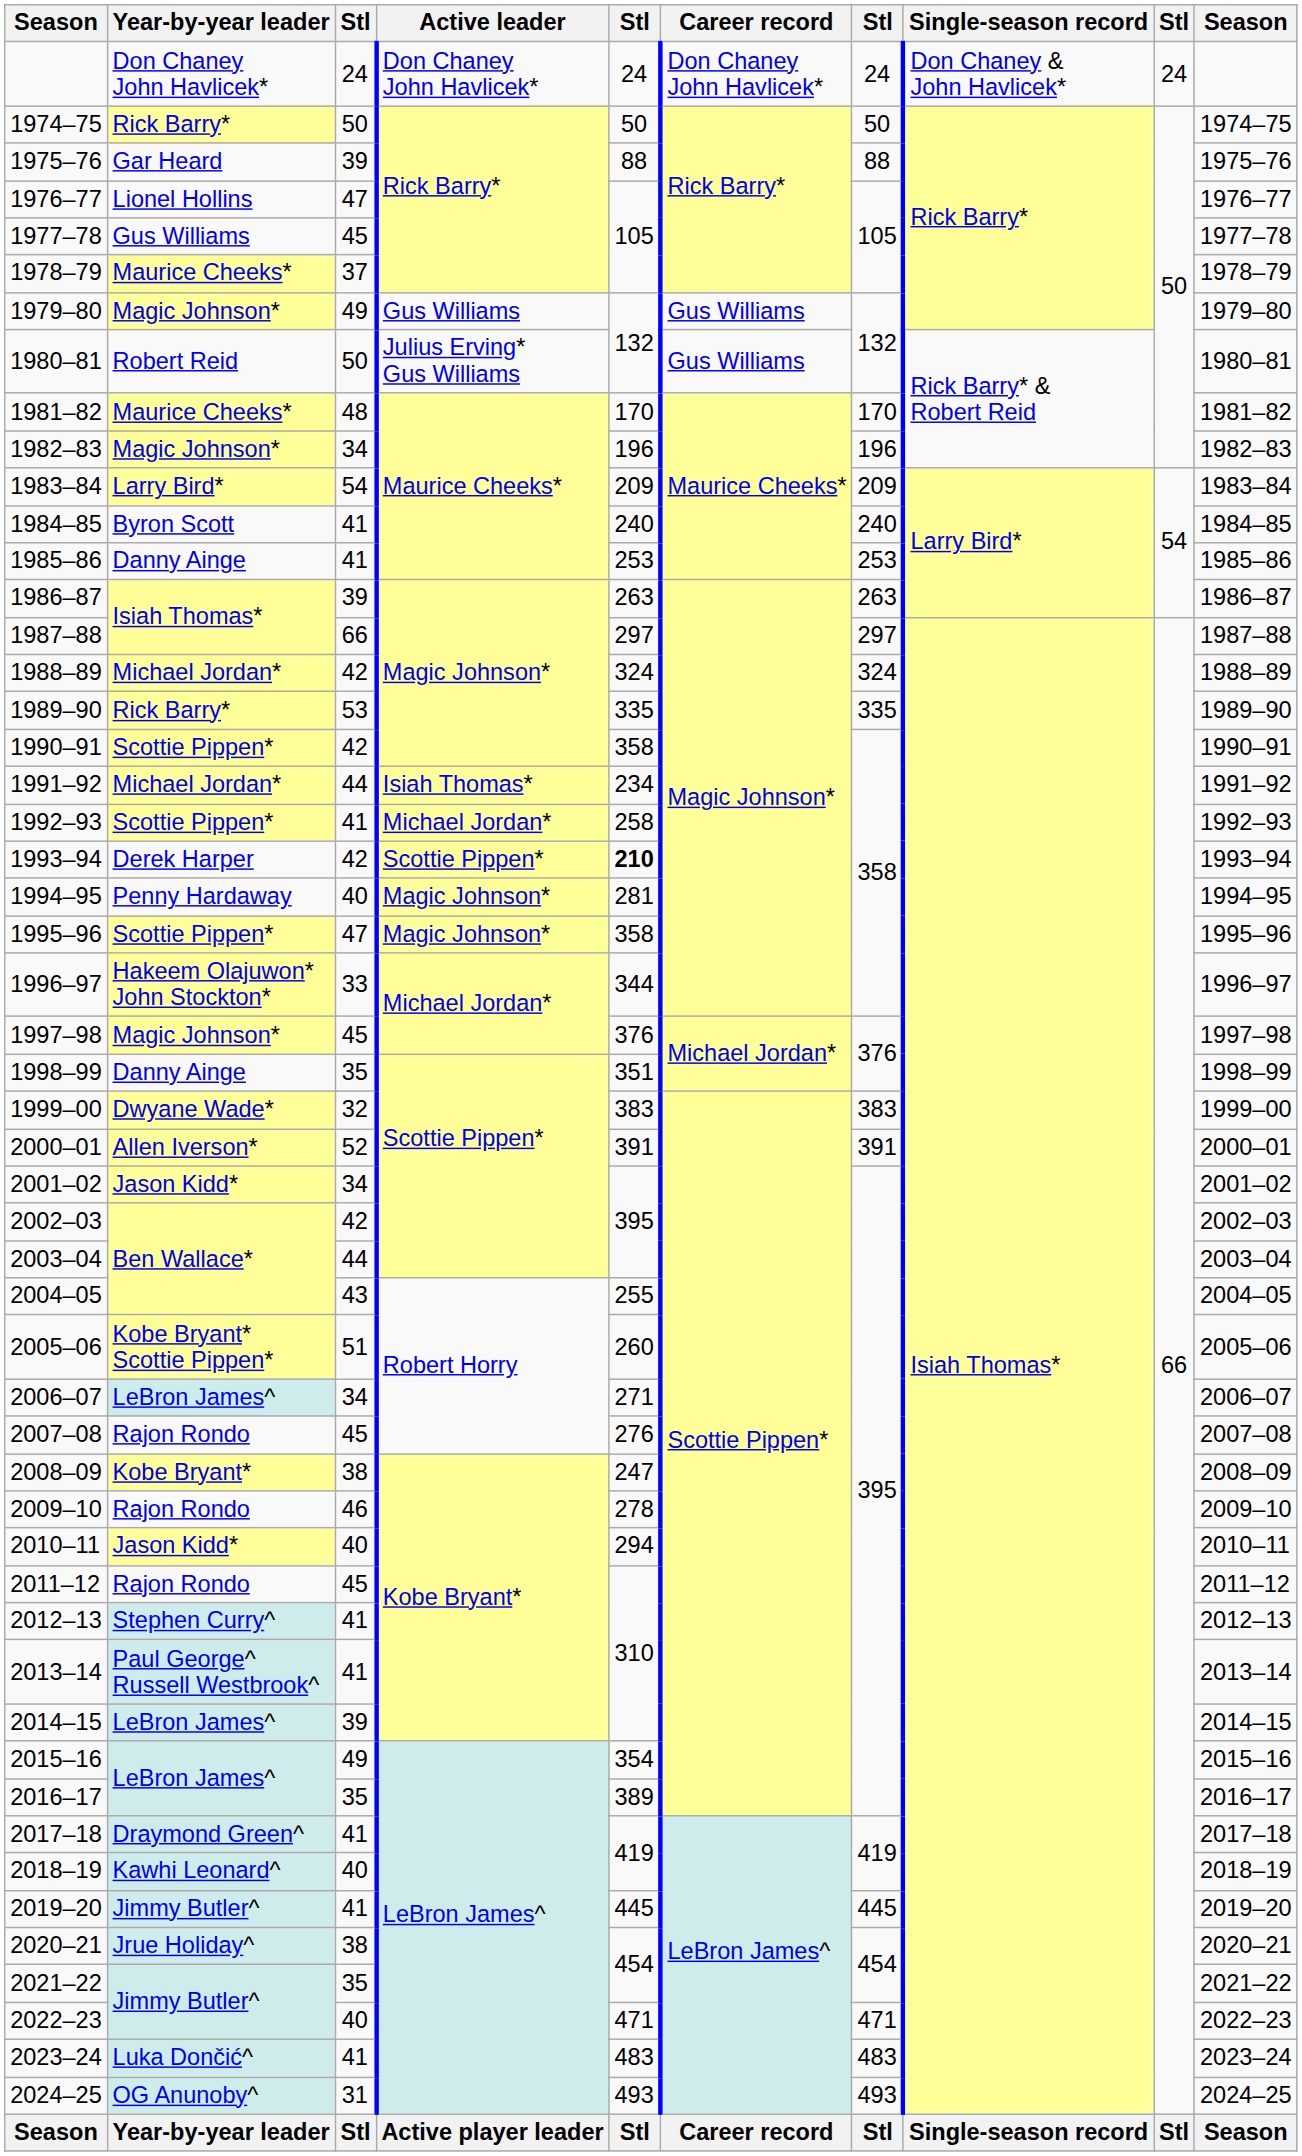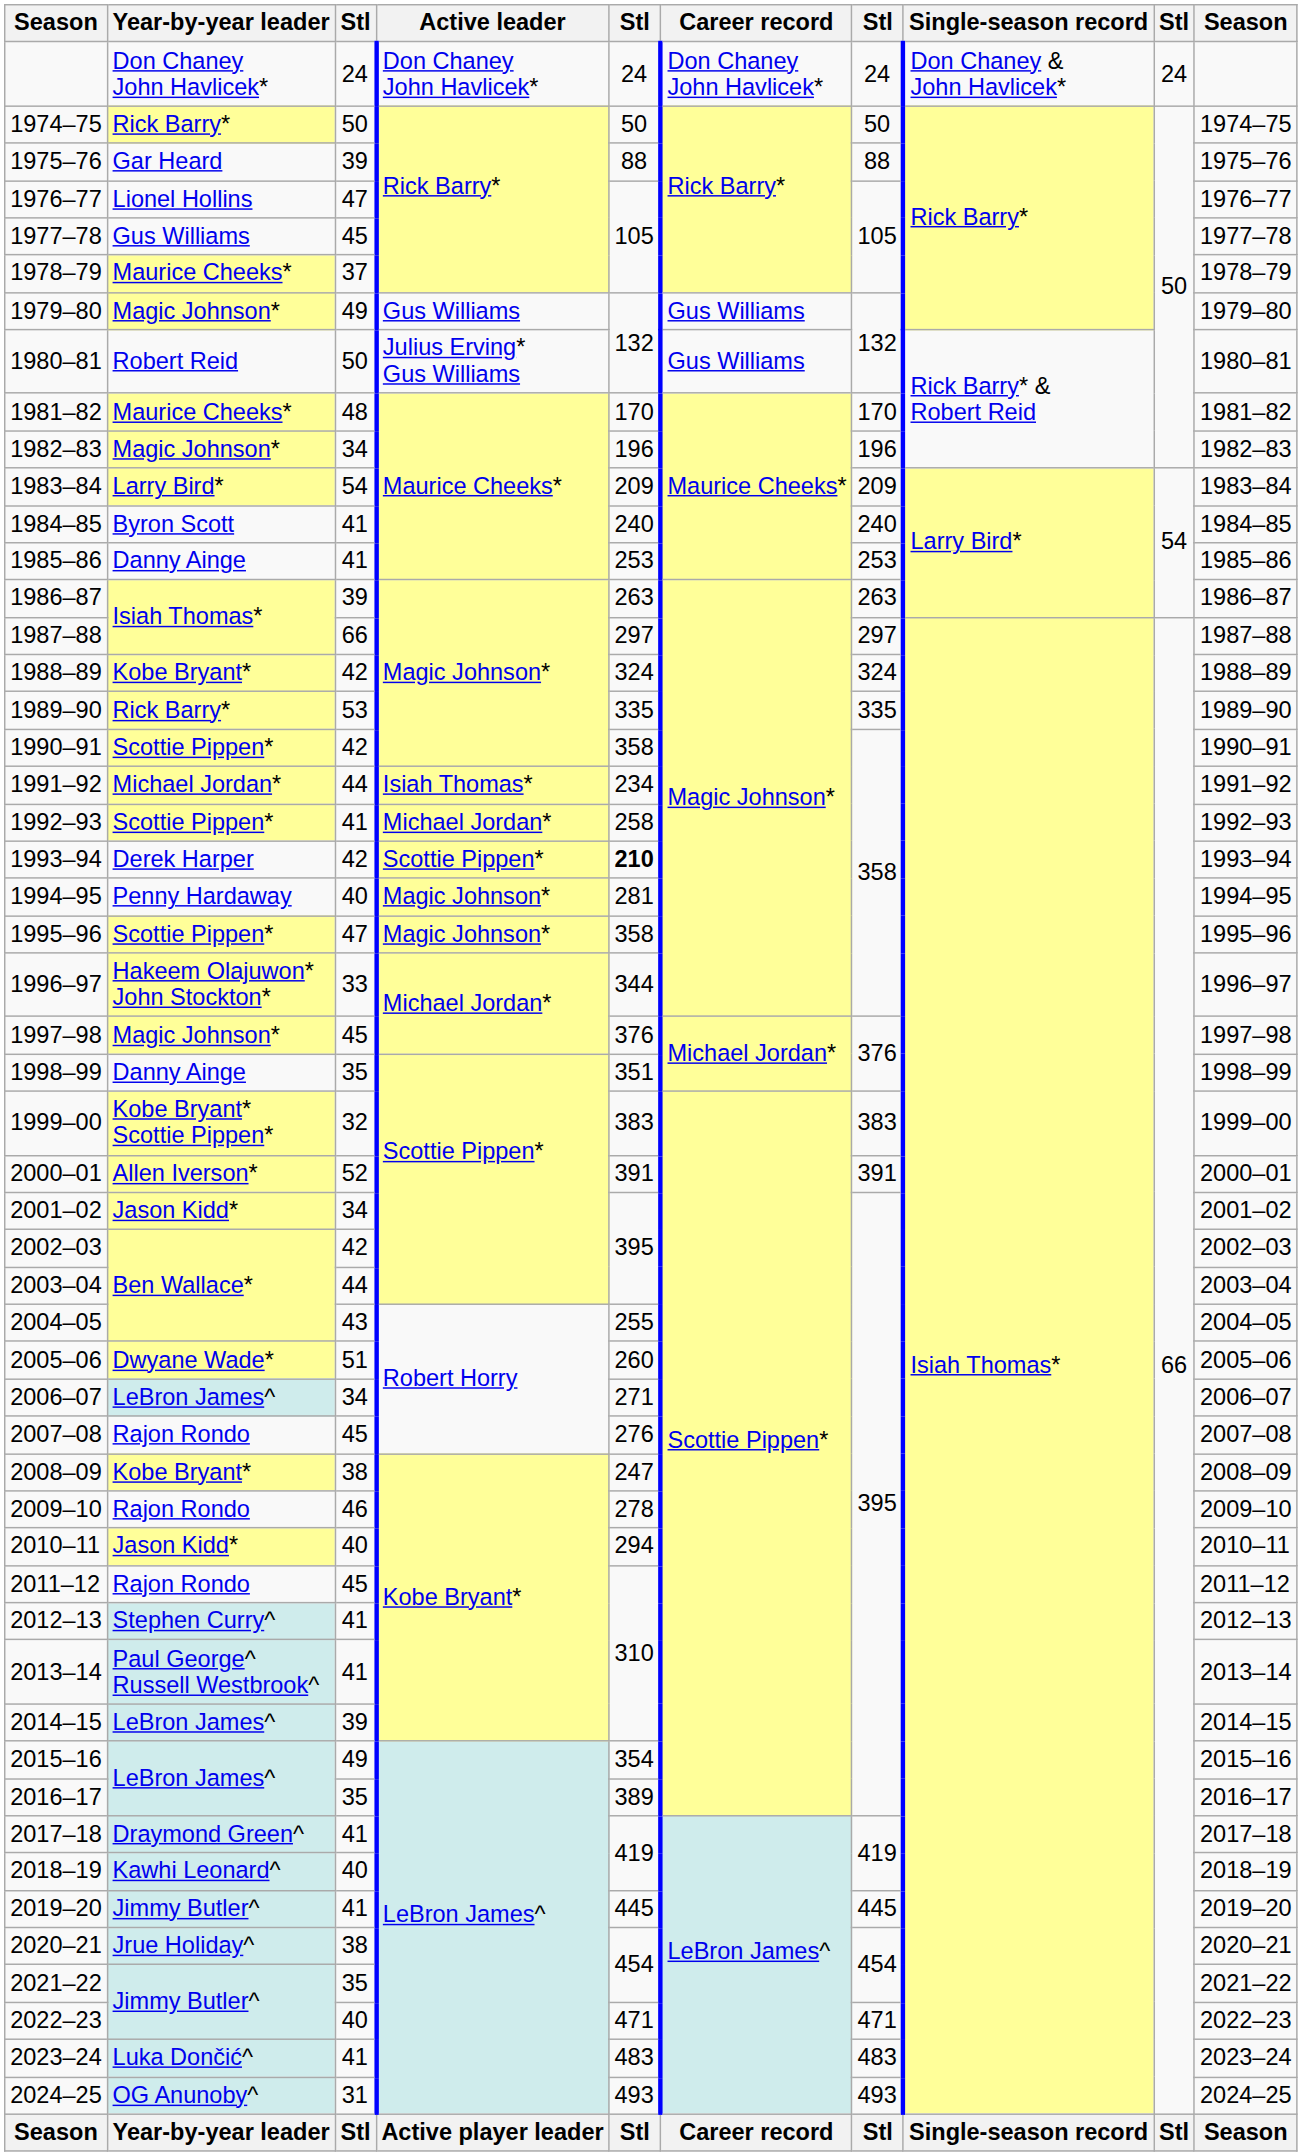 <table class="wikitable">
 <tr style="font-size:100%;">
 <th>Season</th>
 <th>Year-by-year leader</th>
 <th>Stl</th>
 <th>Active leader</th>
 <th>Stl</th>
 <th>Career record</th>
 <th>Stl</th>
 <th>Single-season record</th>
 <th>Stl</th>
 <th>Season</th>
 </tr>
 <tr>
 <td></td>
 <td><a href='#'>Don Chaney</a><div><a href='#'>John Havlicek</a>*</div></td>
 <td align=center style="border-right: solid blue">24</td>
 <td><a href='#'>Don Chaney</a><div><a href='#'>John Havlicek</a>*</div></td>
 <td align=center style="border-right: solid blue">24</td>
 <td><a href='#'>Don Chaney</a><div><a href='#'>John Havlicek</a>*</div></td>
 <td align=center style="border-right: solid blue">24</td>
 <td><a href='#'>Don Chaney</a> &<div><a href='#'>John Havlicek</a>*</div></td>
 <td align=center>24</td>
 <td></td>
 </tr>
 <tr>
 <td>1974–75</td>
 <td bgcolor="#FFFF99"><a href='#'>Rick Barry</a>*</td>
 <td align=center style="border-right: solid blue">50</td>
 <td bgcolor="#FFFF99" rowspan=5><a href='#'>Rick Barry</a>*<br><br></td>
 <td align=center style="border-right: solid blue">50</td>
 <td bgcolor="#FFFF99" rowspan=5><a href='#'>Rick Barry</a>*<br><br></td>
 <td align=center style="border-right: solid blue">50</td>
 <td bgcolor="#FFFF99" rowspan=6><a href='#'>Rick Barry</a>*</td>
 <td align=center rowspan=9>50</td>
 <td>1974–75</td>
 </tr>
 <tr>
 <td>1975–76</td>
 <td><a href='#'>Gar Heard</a></td>
 <td align=center style="border-right: solid blue">39</td>
 <td align=center style="border-right: solid blue">88</td>
 <td align=center style="border-right: solid blue">88</td>
 <td>1975–76</td>
 </tr>
 <tr>
 <td>1976–77</td>
 <td><a href='#'>Lionel Hollins</a></td>
 <td align=center style="border-right: solid blue">47</td>
 <td align=center style="border-right: solid blue" rowspan=3>105</td>
 <td align=center style="border-right: solid blue" rowspan=3>105</td>
 <td>1976–77</td>
 </tr>
 <tr>
 <td>1977–78</td>
 <td><a href='#'>Gus Williams</a></td>
 <td align=center style="border-right: solid blue">45</td>
 <td>1977–78</td>
 </tr>
 <tr>
 <td>1978–79</td>
 <td bgcolor="#FFFF99"><a href='#'>Maurice Cheeks</a>*</td>
 <td align=center style="border-right: solid blue">37</td>
 <td>1978–79</td>
 </tr>
 <tr>
 <td>1979–80</td>
 <td bgcolor="#FFFF99"><a href='#'>Magic Johnson</a>*</td>
 <td align=center style="border-right: solid blue">49</td>
 <td><a href='#'>Gus Williams</a></td>
 <td align=center style="border-right: solid blue" rowspan=2>132</td>
 <td><a href='#'>Gus Williams</a></td>
 <td align=center style="border-right: solid blue" rowspan=2>132</td>
 <td>1979–80</td>
 </tr>
 <tr>
 <td>1980–81</td>
 <td><a href='#'>Robert Reid</a></td>
 <td align=center style="border-right: solid blue">50</td>
 <td><div><a href='#'>Julius Erving</a>*</div><a href='#'>Gus Williams</a></td>
 <td><a href='#'>Gus Williams</a></td>
 <td rowspan=3><div><a href='#'>Rick Barry</a>* &</div><a href='#'>Robert Reid</a></td>
 <td>1980–81</td>
 </tr>
 <tr>
 <td>1981–82</td>
 <td bgcolor="#FFFF99"><a href='#'>Maurice Cheeks</a>*</td>
 <td align=center style="border-right: solid blue">48</td>
 <td bgcolor="#FFFF99" rowspan=5><a href='#'>Maurice Cheeks</a>*</td>
 <td align=center style="border-right: solid blue">170</td>
 <td bgcolor="#FFFF99" rowspan=5><a href='#'>Maurice Cheeks</a>*</td>
 <td align=center style="border-right: solid blue">170</td>
 <td>1981–82</td>
 </tr>
 <tr>
 <td>1982–83</td>
 <td bgcolor="#FFFF99"><a href='#'>Magic Johnson</a>*</td>
 <td align=center style="border-right: solid blue">34</td>
 <td align=center style="border-right: solid blue">196</td>
 <td align=center style="border-right: solid blue">196</td>
 <td>1982–83</td>
 </tr>
 <tr>
 <td>1983–84</td>
 <td bgcolor="#FFFF99"><a href='#'>Larry Bird</a>*</td>
 <td align=center style="border-right: solid blue">54</td>
 <td align=center style="border-right: solid blue">209</td>
 <td align=center style="border-right: solid blue">209</td>
 <td bgcolor="#FFFF99" rowspan=4><a href='#'>Larry Bird</a>*</td>
 <td align=center rowspan=4>54</td>
 <td>1983–84</td>
 </tr>
 <tr>
 <td>1984–85</td>
 <td><a href='#'>Byron Scott</a></td>
 <td align=center style="border-right: solid blue">41</td>
 <td align=center style="border-right: solid blue">240</td>
 <td align=center style="border-right: solid blue">240</td>
 <td>1984–85</td>
 </tr>
 <tr>
 <td>1985–86</td>
 <td><a href='#'>Danny Ainge</a></td>
 <td align=center style="border-right: solid blue">41</td>
 <td align=center style="border-right: solid blue">253</td>
 <td align=center style="border-right: solid blue">253</td>
 <td>1985–86</td>
 </tr>
 <tr>
 <td>1986–87</td>
 <td bgcolor="#FFFF99" rowspan=2><a href='#'>Isiah Thomas</a>*</td>
 <td align=center style="border-right: solid blue">39</td>
 <td bgcolor="#FFFF99" rowspan=5><a href='#'>Magic Johnson</a>*</td>
 <td align=center style="border-right: solid blue">263</td>
 <td bgcolor="#FFFF99" rowspan=11><a href='#'>Magic Johnson</a>*</td>
 <td align=center style="border-right: solid blue">263</td>
 <td>1986–87</td>
 </tr>
 <tr>
 <td>1987–88</td>
 <td align=center style="border-right: solid blue">66</td>
 <td align=center style="border-right: solid blue">297</td>
 <td align=center style="border-right: solid blue">297</td>
 <td bgcolor="#FFFF99" rowspan=38><a href='#'>Isiah Thomas</a>*</td>
 <td align=center rowspan=38>66</td>
 <td>1987–88</td>
 </tr>
 <tr>
 <td>1988–89</td>
-<td bgcolor="#FFFF99"><a href='#'>Michael Jordan</a>*</td>
+<td bgcolor="#FFFF99"><a href='#'>Kobe Bryant</a>*</td>
 <td align=center style="border-right: solid blue">42</td>
 <td align=center style="border-right: solid blue">324</td>
 <td align=center style="border-right: solid blue">324</td>
 <td>1988–89</td>
 </tr>
 <tr>
 <td>1989–90</td>
 <td bgcolor="#FFFF99"><a href='#'>Rick Barry</a>*</td>
 <td align=center style="border-right: solid blue">53</td>
 <td align=center style="border-right: solid blue">335</td>
 <td align=center style="border-right: solid blue">335</td>
 <td>1989–90</td>
 </tr>
 <tr>
 <td>1990–91</td>
 <td bgcolor="#FFFF99"><a href='#'>Scottie Pippen</a>*</td>
 <td align=center style="border-right: solid blue">42</td>
 <td align=center style="border-right: solid blue">358</td>
 <td align=center style="border-right: solid blue" rowspan=7>358</td>
 <td>1990–91</td>
 </tr>
 <tr>
 <td>1991–92</td>
 <td bgcolor="#FFFF99"><a href='#'>Michael Jordan</a>*</td>
 <td align=center style="border-right: solid blue">44</td>
 <td bgcolor="#FFFF99"><a href='#'>Isiah Thomas</a>*</td>
 <td align=center style="border-right: solid blue">234</td>
 <td>1991–92</td>
 </tr>
 <tr>
 <td>1992–93</td>
 <td bgcolor="#FFFF99"><a href='#'>Scottie Pippen</a>*</td>
 <td align=center style="border-right: solid blue">41</td>
 <td bgcolor="#FFFF99"><a href='#'>Michael Jordan</a>*</td>
 <td align=center style="border-right: solid blue">258</td>
 <td>1992–93</td>
 </tr>
 <tr>
 <td>1993–94</td>
 <td><a href='#'>Derek Harper</a></td>
 <td align=center style="border-right: solid blue">42</td>
 <td bgcolor="#FFFF99"><a href='#'>Scottie Pippen</a>*</td>
 <td align=center style="border-right: solid blue"><strong>210</strong></td>
 <td>1993–94</td>
 </tr>
 <tr>
 <td>1994–95</td>
 <td><a href='#'>Penny Hardaway</a></td>
 <td align=center style="border-right: solid blue">40</td>
 <td bgcolor="#FFFF99"><a href='#'>Magic Johnson</a>*</td>
 <td align=center style="border-right: solid blue">281</td>
 <td>1994–95</td>
 </tr>
 <tr>
 <td>1995–96</td>
 <td bgcolor="#FFFF99"><a href='#'>Scottie Pippen</a>*</td>
 <td align=center style="border-right: solid blue">47</td>
 <td bgcolor="#FFFF99"><a href='#'>Magic Johnson</a>*</td>
 <td align=center style="border-right: solid blue">358</td>
 <td>1995–96</td>
 </tr>
 <tr>
 <td>1996–97</td>
 <td bgcolor="#FFFF99"><a href='#'>Hakeem Olajuwon</a>*<br><a href='#'>John Stockton</a>*</td>
 <td align=center style="border-right: solid blue">33</td>
 <td bgcolor="#FFFF99" rowspan=2><a href='#'>Michael Jordan</a>*</td>
 <td align=center style="border-right: solid blue">344</td>
 <td>1996–97</td>
 </tr>
 <tr>
 <td>1997–98</td>
 <td bgcolor="#FFFF99"><a href='#'>Magic Johnson</a>*</td>
 <td align=center style="border-right: solid blue">45</td>
 <td align=center style="border-right: solid blue">376</td>
 <td bgcolor="#FFFF99" rowspan=2><a href='#'>Michael Jordan</a>*</td>
 <td align=center style="border-right: solid blue" rowspan=2>376</td>
 <td>1997–98</td>
 </tr>
 <tr>
 <td>1998–99</td>
 <td><a href='#'>Danny Ainge</a></td>
 <td align=center style="border-right: solid blue">35</td>
 <td bgcolor="#FFFF99" rowspan=6><a href='#'>Scottie Pippen</a>*<br><br><br></td>
 <td align=center style="border-right: solid blue">351</td>
 <td>1998–99</td>
 </tr>
 <tr>
 <td>1999–00</td>
-<td bgcolor="#FFFF99"><a href='#'>Dwyane Wade</a>*</td>
+<td bgcolor="#FFFF99"><a href='#'>Kobe Bryant</a>*<br><a href='#'>Scottie Pippen</a>*</td>
 <td align=center style="border-right: solid blue">32</td>
 <td align=center style="border-right: solid blue">383</td>
 <td bgcolor="#FFFF99" rowspan=18><a href='#'>Scottie Pippen</a>*<br><br></td>
 <td align=center style="border-right: solid blue">383</td>
 <td>1999–00</td>
 </tr>
 <tr>
 <td>2000–01</td>
 <td bgcolor="#FFFF99"><a href='#'>Allen Iverson</a>*</td>
 <td align=center style="border-right: solid blue">52</td>
 <td align=center style="border-right: solid blue">391</td>
 <td align=center style="border-right: solid blue">391</td>
 <td>2000–01</td>
 </tr>
 <tr>
 <td>2001–02</td>
 <td bgcolor="#FFFF99"><a href='#'>Jason Kidd</a>*</td>
 <td align=center style="border-right: solid blue">34</td>
 <td align=center style="border-right: solid blue" rowspan=3>395</td>
 <td align=center style="border-right: solid blue" rowspan=16>395</td>
 <td>2001–02</td>
 </tr>
 <tr>
 <td>2002–03</td>
 <td bgcolor="#FFFF99" rowspan=3><a href='#'>Ben Wallace</a>*</td>
 <td align=center style="border-right: solid blue">42</td>
 <td>2002–03</td>
 </tr>
 <tr>
 <td>2003–04</td>
 <td align=center style="border-right: solid blue">44</td>
 <td>2003–04</td>
 </tr>
 <tr>
 <td>2004–05</td>
 <td align=center style="border-right: solid blue">43</td>
 <td rowspan=4><a href='#'>Robert Horry</a></td>
 <td align=center style="border-right: solid blue">255</td>
 <td>2004–05</td>
 </tr>
 <tr>
 <td>2005–06</td>
-<td bgcolor="#FFFF99"><a href='#'>Kobe Bryant</a>*<br><a href='#'>Scottie Pippen</a>*</td>
+<td bgcolor="#FFFF99"><a href='#'>Dwyane Wade</a>*</td>
 <td align=center style="border-right: solid blue">51</td>
 <td align=center style="border-right: solid blue">260</td>
 <td>2005–06</td>
 </tr>
 <tr>
 <td>2006–07</td>
 <td bgcolor="#CFECEC"><a href='#'>LeBron James</a>^</td>
 <td align=center style="border-right: solid blue">34</td>
 <td align=center style="border-right: solid blue">271</td>
 <td>2006–07</td>
 </tr>
 <tr>
 <td>2007–08</td>
 <td><a href='#'>Rajon Rondo</a></td>
 <td align=center style="border-right: solid blue">45</td>
 <td align=center style="border-right: solid blue">276</td>
 <td>2007–08</td>
 </tr>
 <tr>
 <td>2008–09</td>
 <td bgcolor="#FFFF99"><a href='#'>Kobe Bryant</a>*</td>
 <td align=center style="border-right: solid blue">38</td>
 <td bgcolor="#FFFF99" rowspan=7><a href='#'>Kobe Bryant</a>*</td>
 <td align=center style="border-right: solid blue">247</td>
 <td>2008–09</td>
 </tr>
 <tr>
 <td>2009–10</td>
 <td><a href='#'>Rajon Rondo</a></td>
 <td align=center style="border-right: solid blue">46</td>
 <td align=center style="border-right: solid blue">278</td>
 <td>2009–10</td>
 </tr>
 <tr>
 <td>2010–11</td>
 <td bgcolor="#FFFF99"><a href='#'>Jason Kidd</a>*</td>
 <td align=center style="border-right: solid blue">40</td>
 <td align=center style="border-right: solid blue">294</td>
 <td>2010–11</td>
 </tr>
 <tr>
 <td>2011–12</td>
 <td><a href='#'>Rajon Rondo</a></td>
 <td align=center style="border-right: solid blue">45</td>
 <td align=center style="border-right: solid blue" rowspan=4>310</td>
 <td>2011–12</td>
 </tr>
 <tr>
 <td>2012–13</td>
 <td bgcolor="#CFECEC"><a href='#'>Stephen Curry</a>^</td>
 <td align=center style="border-right: solid blue">41</td>
 <td>2012–13</td>
 </tr>
 <tr>
 <td>2013–14</td>
 <td bgcolor="#CFECEC"><a href='#'>Paul George</a>^<br><a href='#'>Russell Westbrook</a>^</td>
 <td align=center style="border-right: solid blue">41</td>
 <td>2013–14</td>
 </tr>
 <tr>
 <td>2014–15</td>
 <td bgcolor="#CFECEC"><a href='#'>LeBron James</a>^</td>
 <td align=center style="border-right: solid blue">39</td>
 <td>2014–15</td>
 </tr>
 <tr>
 <td>2015–16</td>
 <td bgcolor="#CFECEC" rowspan=2><a href='#'>LeBron James</a>^</td>
 <td align=center style="border-right: solid blue">49</td>
 <td bgcolor="#CFECEC" rowspan=10><a href='#'>LeBron James</a>^<br><br></td>
 <td align=center style="border-right: solid blue">354</td>
 <td>2015–16</td>
 </tr>
 <tr>
 <td>2016–17</td>
 <td align=center style="border-right: solid blue">35</td>
 <td align=center style="border-right: solid blue">389</td>
 <td>2016–17</td>
 </tr>
 <tr>
 <td>2017–18</td>
 <td bgcolor="#CFECEC"><a href='#'>Draymond Green</a>^</td>
 <td align=center style="border-right: solid blue">41</td>
 <td align=center style="border-right: solid blue" rowspan=2>419</td>
 <td bgcolor="#CFECEC" rowspan=8><a href='#'>LeBron James</a>^<br><br></td>
 <td align=center style="border-right: solid blue" rowspan=2>419</td>
 <td>2017–18</td>
 </tr>
 <tr>
 <td>2018–19</td>
 <td bgcolor="#CFECEC"><a href='#'>Kawhi Leonard</a>^</td>
 <td align=center style="border-right: solid blue">40</td>
 <td>2018–19</td>
 </tr>
 <tr>
 <td>2019–20</td>
 <td bgcolor="#CFECEC"><a href='#'>Jimmy Butler</a>^</td>
 <td align=center style="border-right: solid blue">41</td>
 <td align=center style="border-right: solid blue">445</td>
 <td align=center style="border-right: solid blue">445</td>
 <td>2019–20</td>
 </tr>
 <tr>
 <td>2020–21</td>
 <td bgcolor="#CFECEC"><a href='#'>Jrue Holiday</a>^</td>
 <td align=center style="border-right: solid blue">38</td>
 <td align=center style="border-right: solid blue" rowspan=2>454</td>
 <td align=center style="border-right: solid blue" rowspan=2>454</td>
 <td>2020–21</td>
 </tr>
 <tr>
 <td>2021–22</td>
 <td bgcolor="#CFECEC" rowspan=2><a href='#'>Jimmy Butler</a>^</td>
 <td align=center style="border-right: solid blue">35</td>
 <td>2021–22</td>
 </tr>
 <tr>
 <td>2022–23</td>
 <td align=center style="border-right: solid blue">40</td>
 <td align="center" style="border-right:solid blue">471</td>
 <td align="center" style="border-right:solid blue">471</td>
 <td>2022–23</td>
 </tr>
 <tr>
 <td>2023–24</td>
 <td bgcolor="#CFECEC"><a href='#'>Luka Dončić</a>^</td>
 <td align=center style="border-right: solid blue">41</td>
 <td align="center" style="border-right:solid blue">483</td>
 <td align="center" style="border-right:solid blue">483</td>
 <td>2023–24</td>
 </tr>
 <tr>
 <td>2024–25</td>
 <td bgcolor="#CFECEC"><a href='#'>OG Anunoby</a>^</td>
 <td align=center style="border-right: solid blue">31</td>
 <td align="center" style="border-right:solid blue">493</td>
 <td align="center" style="border-right:solid blue">493</td>
 <td>2024–25</td>
 </tr>
 <tr>
 <th>Season</th>
 <th>Year-by-year leader</th>
 <th>Stl</th>
 <th>Active player leader</th>
 <th>Stl</th>
 <th>Career record</th>
 <th>Stl</th>
 <th>Single-season record</th>
 <th>Stl</th>
 <th>Season</th>
 </tr>
 </table>
